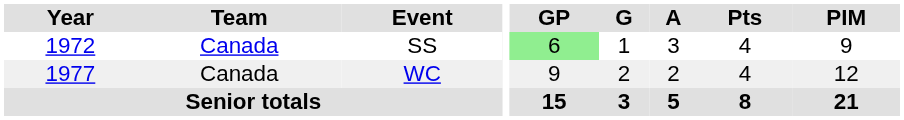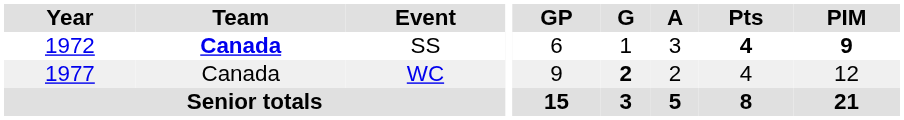 <table border="0" cellpadding="1" cellspacing="0" ID="Table3" style="text-align:center; width:40em">
 <tr bgcolor="#e0e0e0">
 <th>Year</th>
 <th>Team</th>
 <th>Event</th>
 <th rowspan="102" bgcolor="#ffffff"></th>
 <th>GP</th>
 <th>G</th>
 <th>A</th>
 <th>Pts</th>
 <th>PIM</th>
 </tr>
 <tr>
 <td><a href='#'>1972</a></td>
-<td><a href='#'>Canada</a></td>
+<td><strong><a href='#'>Canada</a></strong></td>
 <td>SS</td>
-<td style="background: lightgreen;">6</td>
+<td>6</td>
 <td>1</td>
 <td>3</td>
-<td>4</td>
-<td>9</td>
+<td><strong>4</strong></td>
+<td><strong>9</strong></td>
 </tr>
 <tr bgcolor="#f0f0f0">
 <td><a href='#'>1977</a></td>
 <td>Canada</td>
 <td><a href='#'>WC</a></td>
 <td>9</td>
-<td>2</td>
+<td><strong>2</strong></td>
 <td>2</td>
 <td>4</td>
 <td>12</td>
 </tr>
 <tr bgcolor="#e0e0e0">
 <th colspan=3>Senior totals</th>
 <th>15</th>
 <th>3</th>
 <th>5</th>
 <th>8</th>
 <th>21</th>
 </tr>
 </table>
